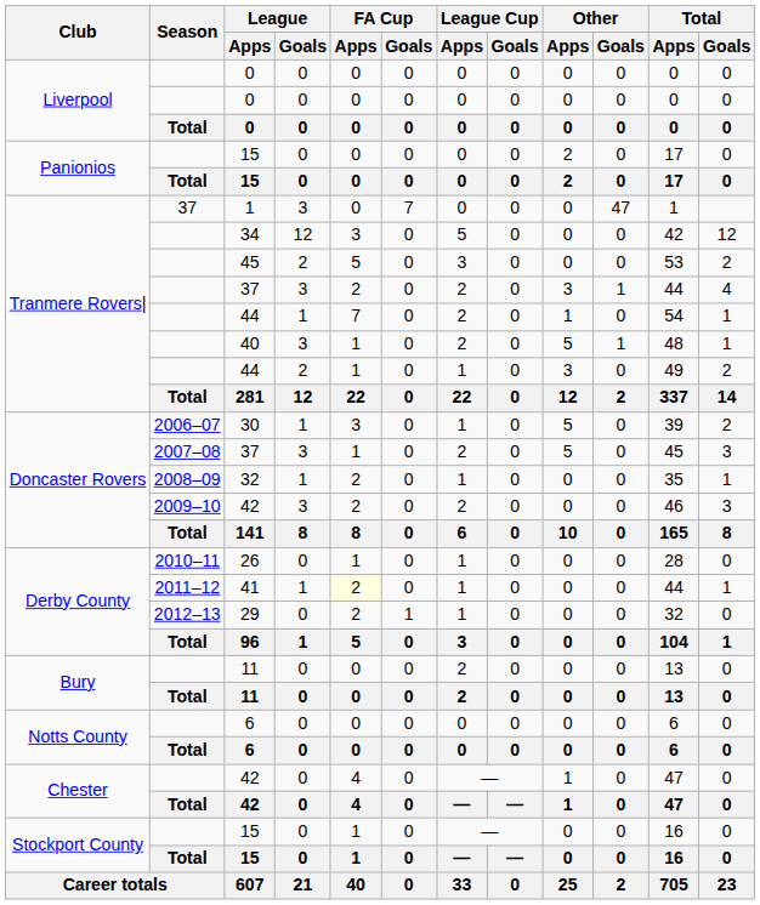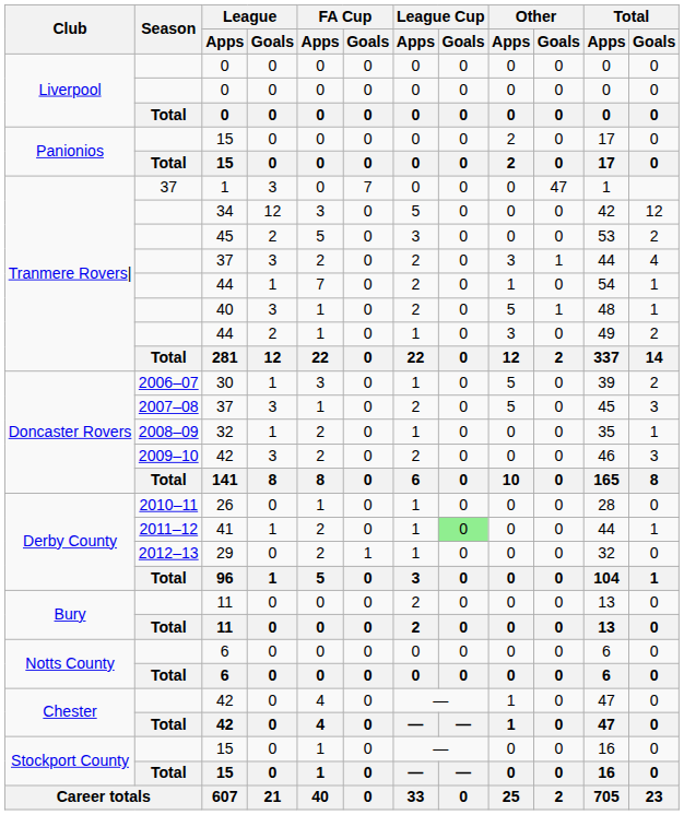 <table class="wikitable" style="text-align: center;">
 <tr>
 <th rowspan="2">Club</th>
 <th rowspan="2">Season</th>
 <th colspan="2">League</th>
 <th colspan="2">FA Cup</th>
 <th colspan="2">League Cup</th>
 <th colspan="2">Other</th>
 <th colspan="2">Total</th>
 </tr>
 <tr>
 <th>Apps</th>
 <th>Goals</th>
 <th>Apps</th>
 <th>Goals</th>
 <th>Apps</th>
 <th>Goals</th>
 <th>Apps</th>
 <th>Goals</th>
 <th>Apps</th>
 <th>Goals</th>
 </tr>
 <tr>
 <td rowspan="3" valign="center"><a href='#'>Liverpool</a></td>
 <td></td>
 <td>0</td>
 <td>0</td>
 <td>0</td>
 <td>0</td>
 <td>0</td>
 <td>0</td>
 <td>0</td>
 <td>0</td>
 <td>0</td>
 <td>0</td>
 </tr>
 <tr>
 <td></td>
 <td>0</td>
 <td>0</td>
 <td>0</td>
 <td>0</td>
 <td>0</td>
 <td>0</td>
 <td>0</td>
 <td>0</td>
 <td>0</td>
 <td>0</td>
 </tr>
 <tr>
 <th>Total</th>
 <th>0</th>
 <th>0</th>
 <th>0</th>
 <th>0</th>
 <th>0</th>
 <th>0</th>
 <th>0</th>
 <th>0</th>
 <th>0</th>
 <th>0</th>
 </tr>
 <tr>
 <td rowspan="2" valign="center"><a href='#'>Panionios</a></td>
 <td></td>
 <td>15</td>
 <td>0</td>
 <td>0</td>
 <td>0</td>
 <td>0</td>
 <td>0</td>
 <td>2</td>
 <td>0</td>
 <td>17</td>
 <td>0</td>
 </tr>
 <tr>
 <th>Total</th>
 <th>15</th>
 <th>0</th>
 <th>0</th>
 <th>0</th>
 <th>0</th>
 <th>0</th>
 <th>2</th>
 <th>0</th>
 <th>17</th>
 <th>0</th>
 </tr>
 <tr>
 <td rowspan="8" valign="center"><a href='#'>Tranmere Rovers</a>|</td>
 <td>37</td>
 <td>1</td>
 <td>3</td>
 <td>0</td>
 <td>7</td>
 <td>0</td>
 <td>0</td>
 <td>0</td>
 <td>47</td>
 <td>1</td>
 </tr>
 <tr>
 <td></td>
 <td>34</td>
 <td>12</td>
 <td>3</td>
 <td>0</td>
 <td>5</td>
 <td>0</td>
 <td>0</td>
 <td>0</td>
 <td>42</td>
 <td>12</td>
 </tr>
 <tr>
 <td></td>
 <td>45</td>
 <td>2</td>
 <td>5</td>
 <td>0</td>
 <td>3</td>
 <td>0</td>
 <td>0</td>
 <td>0</td>
 <td>53</td>
 <td>2</td>
 </tr>
 <tr>
 <td></td>
 <td>37</td>
 <td>3</td>
 <td>2</td>
 <td>0</td>
 <td>2</td>
 <td>0</td>
 <td>3</td>
 <td>1</td>
 <td>44</td>
 <td>4</td>
 </tr>
 <tr>
 <td></td>
 <td>44</td>
 <td>1</td>
 <td>7</td>
 <td>0</td>
 <td>2</td>
 <td>0</td>
 <td>1</td>
 <td>0</td>
 <td>54</td>
 <td>1</td>
 </tr>
 <tr>
 <td></td>
 <td>40</td>
 <td>3</td>
 <td>1</td>
 <td>0</td>
 <td>2</td>
 <td>0</td>
 <td>5</td>
 <td>1</td>
 <td>48</td>
 <td>1</td>
 </tr>
 <tr>
 <td></td>
 <td>44</td>
 <td>2</td>
 <td>1</td>
 <td>0</td>
 <td>1</td>
 <td>0</td>
 <td>3</td>
 <td>0</td>
 <td>49</td>
 <td>2</td>
 </tr>
 <tr>
 <th>Total</th>
 <th>281</th>
 <th>12</th>
 <th>22</th>
 <th>0</th>
 <th>22</th>
 <th>0</th>
 <th>12</th>
 <th>2</th>
 <th>337</th>
 <th>14</th>
 </tr>
 <tr>
 <td rowspan="5" valign="center"><a href='#'>Doncaster Rovers</a></td>
 <td><a href='#'>2006–07</a></td>
 <td>30</td>
 <td>1</td>
 <td>3</td>
 <td>0</td>
 <td>1</td>
 <td>0</td>
 <td>5</td>
 <td>0</td>
 <td>39</td>
 <td>2</td>
 </tr>
 <tr>
 <td><a href='#'>2007–08</a></td>
 <td>37</td>
 <td>3</td>
 <td>1</td>
 <td>0</td>
 <td>2</td>
 <td>0</td>
 <td>5</td>
 <td>0</td>
 <td>45</td>
 <td>3</td>
 </tr>
 <tr>
 <td><a href='#'>2008–09</a></td>
 <td>32</td>
 <td>1</td>
 <td>2</td>
 <td>0</td>
 <td>1</td>
 <td>0</td>
 <td>0</td>
 <td>0</td>
 <td>35</td>
 <td>1</td>
 </tr>
 <tr>
 <td><a href='#'>2009–10</a></td>
 <td>42</td>
 <td>3</td>
 <td>2</td>
 <td>0</td>
 <td>2</td>
 <td>0</td>
 <td>0</td>
 <td>0</td>
 <td>46</td>
 <td>3</td>
 </tr>
 <tr>
 <th>Total</th>
 <th>141</th>
 <th>8</th>
 <th>8</th>
 <th>0</th>
 <th>6</th>
 <th>0</th>
 <th>10</th>
 <th>0</th>
 <th>165</th>
 <th>8</th>
 </tr>
 <tr>
 <td rowspan="4" valign="center"><a href='#'>Derby County</a></td>
 <td><a href='#'>2010–11</a></td>
 <td>26</td>
 <td>0</td>
 <td>1</td>
 <td>0</td>
 <td>1</td>
 <td>0</td>
 <td>0</td>
 <td>0</td>
 <td>28</td>
 <td>0</td>
 </tr>
 <tr>
 <td><a href='#'>2011–12</a></td>
 <td>41</td>
 <td>1</td>
-<td style="background: lightyellow;">2</td>
+<td>2</td>
 <td>0</td>
 <td>1</td>
-<td>0</td>
+<td style="background: lightgreen;">0</td>
 <td>0</td>
 <td>0</td>
 <td>44</td>
 <td>1</td>
 </tr>
 <tr>
 <td><a href='#'>2012–13</a></td>
 <td>29</td>
 <td>0</td>
 <td>2</td>
 <td>1</td>
 <td>1</td>
 <td>0</td>
 <td>0</td>
 <td>0</td>
 <td>32</td>
 <td>0</td>
 </tr>
 <tr>
 <th>Total</th>
 <th>96</th>
 <th>1</th>
 <th>5</th>
 <th>0</th>
 <th>3</th>
 <th>0</th>
 <th>0</th>
 <th>0</th>
 <th>104</th>
 <th>1</th>
 </tr>
 <tr>
 <td rowspan="2" valign="center"><a href='#'>Bury</a></td>
 <td></td>
 <td>11</td>
 <td>0</td>
 <td>0</td>
 <td>0</td>
 <td>2</td>
 <td>0</td>
 <td>0</td>
 <td>0</td>
 <td>13</td>
 <td>0</td>
 </tr>
 <tr>
 <th>Total</th>
 <th>11</th>
 <th>0</th>
 <th>0</th>
 <th>0</th>
 <th>2</th>
 <th>0</th>
 <th>0</th>
 <th>0</th>
 <th>13</th>
 <th>0</th>
 </tr>
 <tr>
 <td rowspan="2" valign="center"><a href='#'>Notts County</a></td>
 <td></td>
 <td>6</td>
 <td>0</td>
 <td>0</td>
 <td>0</td>
 <td>0</td>
 <td>0</td>
 <td>0</td>
 <td>0</td>
 <td>6</td>
 <td>0</td>
 </tr>
 <tr>
 <th>Total</th>
 <th>6</th>
 <th>0</th>
 <th>0</th>
 <th>0</th>
 <th>0</th>
 <th>0</th>
 <th>0</th>
 <th>0</th>
 <th>6</th>
 <th>0</th>
 </tr>
 <tr>
 <td rowspan="2" valign="center"><a href='#'>Chester</a></td>
 <td></td>
 <td>42</td>
 <td>0</td>
 <td>4</td>
 <td>0</td>
 <td colspan="2">—</td>
 <td>1</td>
 <td>0</td>
 <td>47</td>
 <td>0</td>
 </tr>
 <tr>
 <th>Total</th>
 <th>42</th>
 <th>0</th>
 <th>4</th>
 <th>0</th>
 <th>—</th>
 <th>—</th>
 <th>1</th>
 <th>0</th>
 <th>47</th>
 <th>0</th>
 </tr>
 <tr>
 <td rowspan="2" valign="center"><a href='#'>Stockport County</a></td>
 <td></td>
 <td>15</td>
 <td>0</td>
 <td>1</td>
 <td>0</td>
 <td colspan="2">—</td>
 <td>0</td>
 <td>0</td>
 <td>16</td>
 <td>0</td>
 </tr>
 <tr>
 <th>Total</th>
 <th>15</th>
 <th>0</th>
 <th>1</th>
 <th>0</th>
 <th>—</th>
 <th>—</th>
 <th>0</th>
 <th>0</th>
 <th>16</th>
 <th>0</th>
 </tr>
 <tr>
 <th colspan="2">Career totals</th>
 <th>607</th>
 <th>21</th>
 <th>40</th>
 <th>0</th>
 <th>33</th>
 <th>0</th>
 <th>25</th>
 <th>2</th>
 <th>705</th>
 <th>23</th>
 </tr>
 </table>
